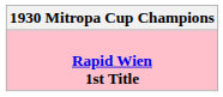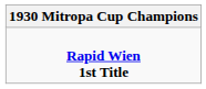 <table class=wikitable style="text-align:center; margin:auto">
 <tr>
 <th>1930 Mitropa Cup Champions</th>
 </tr>
 <tr>
-<td style="background: pink;"> <br> <strong><a href='#'>Rapid Wien</a></strong> <br> <strong>1st Title</strong></td>
+<td> <br> <strong><a href='#'>Rapid Wien</a></strong> <br> <strong>1st Title</strong></td>
 </tr>
 </table>
